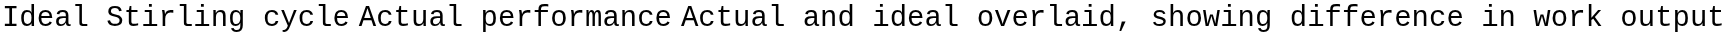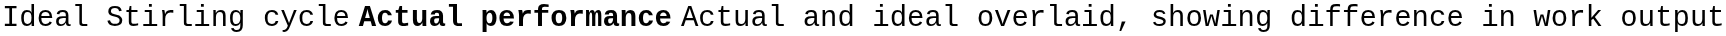 <table align="center" class="skin-invert-image">
 <tr>
 <td></td>
 <td></td>
 <td></td>
 </tr>
 <tr>
 <td style="text-align:center">Ideal Stirling cycle</td>
-<td style="text-align:center">Actual performance</td>
+<td style="text-align:center"><strong>Actual performance</strong></td>
 <td style="text-align:center">Actual and ideal overlaid, showing difference in work output</td>
 </tr>
 </table>
